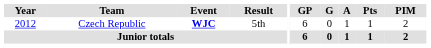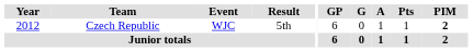 <table border="0" cellpadding="1" cellspacing="0" ID="Table3" style="text-align:center; width:40em;">
 <tr bgcolor="#e0e0e0">
 <th>Year</th>
 <th>Team</th>
 <th>Event</th>
 <th>Result</th>
 <th rowspan="99" bgcolor="#ffffff"></th>
 <th>GP</th>
 <th>G</th>
 <th>A</th>
 <th>Pts</th>
 <th>PIM</th>
 </tr>
 <tr>
 <td><a href='#'>2012</a></td>
 <td><a href='#'>Czech Republic</a></td>
-<td><strong><a href='#'>WJC</a></strong></td>
+<td><a href='#'>WJC</a></td>
 <td>5th</td>
 <td>6</td>
 <td>0</td>
 <td>1</td>
 <td>1</td>
-<td>2</td>
+<td><strong>2</strong></td>
 </tr>
 <tr bgcolor="#e0e0e0">
 <th colspan="4">Junior totals</th>
 <th>6</th>
 <th>0</th>
 <th>1</th>
 <th>1</th>
 <th>2</th>
 </tr>
 </table>
